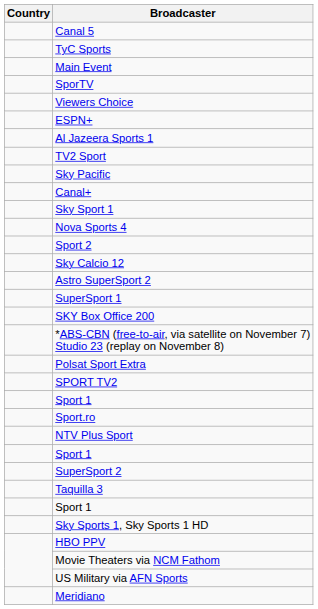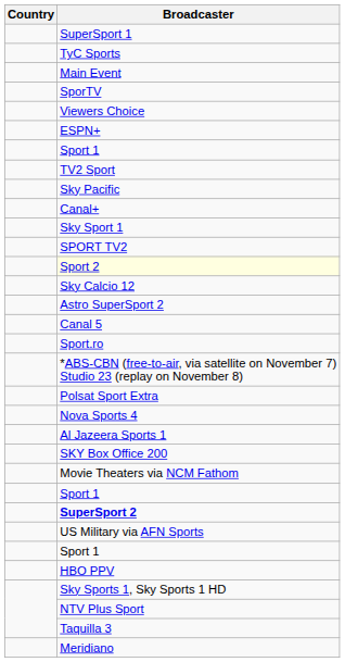 <table class="wikitable" style="font-size: 95%;">
 <tr>
 <th>Country</th>
 <th>Broadcaster</th>
 </tr>
 <tr>
 <td align=left></td>
-<td><a href='#'>Canal 5</a></td>
+<td><a href='#'>SuperSport 1</a></td>
 </tr>
 <tr>
 <td align=left></td>
 <td><a href='#'>TyC Sports</a></td>
 </tr>
 <tr>
 <td align=left></td>
 <td><a href='#'>Main Event</a></td>
 </tr>
 <tr>
 <td align=left></td>
 <td><a href='#'>SporTV</a></td>
 </tr>
 <tr>
 <td align=left></td>
 <td><a href='#'>Viewers Choice</a></td>
 </tr>
 <tr>
 <td align=left></td>
 <td><a href='#'>ESPN+</a></td>
 </tr>
 <tr>
 <td align=left></td>
-<td><a href='#'>Al Jazeera Sports 1</a></td>
+<td><a href='#'>Sport 1</a></td>
 </tr>
 <tr>
 <td align=left></td>
 <td><a href='#'>TV2 Sport</a></td>
 </tr>
 <tr>
 <td align=left></td>
 <td><a href='#'>Sky Pacific</a></td>
 </tr>
 <tr>
 <td align=left></td>
 <td><a href='#'>Canal+</a></td>
 </tr>
 <tr>
 <td align=left></td>
 <td><a href='#'>Sky Sport 1</a></td>
 </tr>
 <tr>
 <td align=left></td>
-<td><a href='#'>Nova Sports 4</a></td>
+<td><a href='#'>SPORT TV2</a></td>
 </tr>
 <tr>
 <td align=left></td>
-<td><a href='#'>Sport 2</a></td>
+<td style="background: lightyellow;"><a href='#'>Sport 2</a></td>
 </tr>
 <tr>
 <td align=left></td>
 <td><a href='#'>Sky Calcio 12</a></td>
 </tr>
 <tr>
 <td align=left></td>
 <td><a href='#'>Astro SuperSport 2</a></td>
 </tr>
 <tr>
 <td align=left></td>
-<td><a href='#'>SuperSport 1</a></td>
+<td><a href='#'>Canal 5</a></td>
 </tr>
 <tr>
 <td align=left></td>
-<td><a href='#'>SKY Box Office 200</a></td>
+<td><a href='#'>Sport.ro</a></td>
 </tr>
 <tr>
 <td align=left></td>
 <td>*<a href='#'>ABS-CBN</a> (<a href='#'>free-to-air</a>, via satellite on November 7) <br> <a href='#'>Studio 23</a> (replay on November 8)</td>
 </tr>
 <tr>
 <td align=left></td>
 <td><a href='#'>Polsat Sport Extra</a></td>
 </tr>
 <tr>
 <td align=left></td>
-<td><a href='#'>SPORT TV2</a></td>
+<td><a href='#'>Nova Sports 4</a></td>
+</tr>
+<tr>
+<td align=left></td>
+<td><a href='#'>Al Jazeera Sports 1</a></td>
+</tr>
+<tr>
+<td align=left></td>
+<td><a href='#'>SKY Box Office 200</a></td>
+</tr>
+<tr>
+<td align=left></td>
+<td>Movie Theaters via <a href='#'>NCM Fathom</a></td>
 </tr>
 <tr>
 <td align=left></td>
 <td><a href='#'>Sport 1</a></td>
 </tr>
 <tr>
 <td align=left></td>
-<td><a href='#'>Sport.ro</a></td>
+<td><strong><a href='#'>SuperSport 2</a></strong></td>
 </tr>
 <tr>
 <td align=left></td>
-<td><a href='#'>NTV Plus Sport</a></td>
-</tr>
-<tr>
-<td align=left></td>
-<td><a href='#'>Sport 1</a></td>
-</tr>
-<tr>
-<td align=left></td>
-<td><a href='#'>SuperSport 2</a></td>
-</tr>
-<tr>
-<td align=left></td>
-<td><a href='#'>Taquilla 3</a></td>
+<td>US Military via <a href='#'>AFN Sports</a></td>
 </tr>
 <tr>
 <td align=left></td>
 <td>Sport 1</td>
 </tr>
 <tr>
 <td align=left></td>
+<td><a href='#'>HBO PPV</a></td>
+</tr>
+<tr>
+<td style="text-align:left;" rowspan="3"></td>
 <td><a href='#'>Sky Sports 1</a>, Sky Sports 1 HD</td>
 </tr>
 <tr>
-<td style="text-align:left;" rowspan="3"></td>
-<td><a href='#'>HBO PPV</a></td>
+<td><a href='#'>NTV Plus Sport</a></td>
 </tr>
 <tr>
-<td>Movie Theaters via <a href='#'>NCM Fathom</a></td>
-</tr>
-<tr>
-<td>US Military via <a href='#'>AFN Sports</a></td>
+<td><a href='#'>Taquilla 3</a></td>
 </tr>
 <tr>
 <td align=left></td>
 <td><a href='#'>Meridiano</a></td>
 </tr>
 </table>
